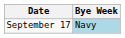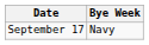 <table class="wikitable" style="font-size:95%;">
 <tr>
 <th>Date</th>
 <th colspan="3">Bye Week</th>
 </tr>
 <tr>
 <td>September 17</td>
-<td style="background: lightblue;">Navy</td>
+<td>Navy</td>
 </tr>
 </table>
